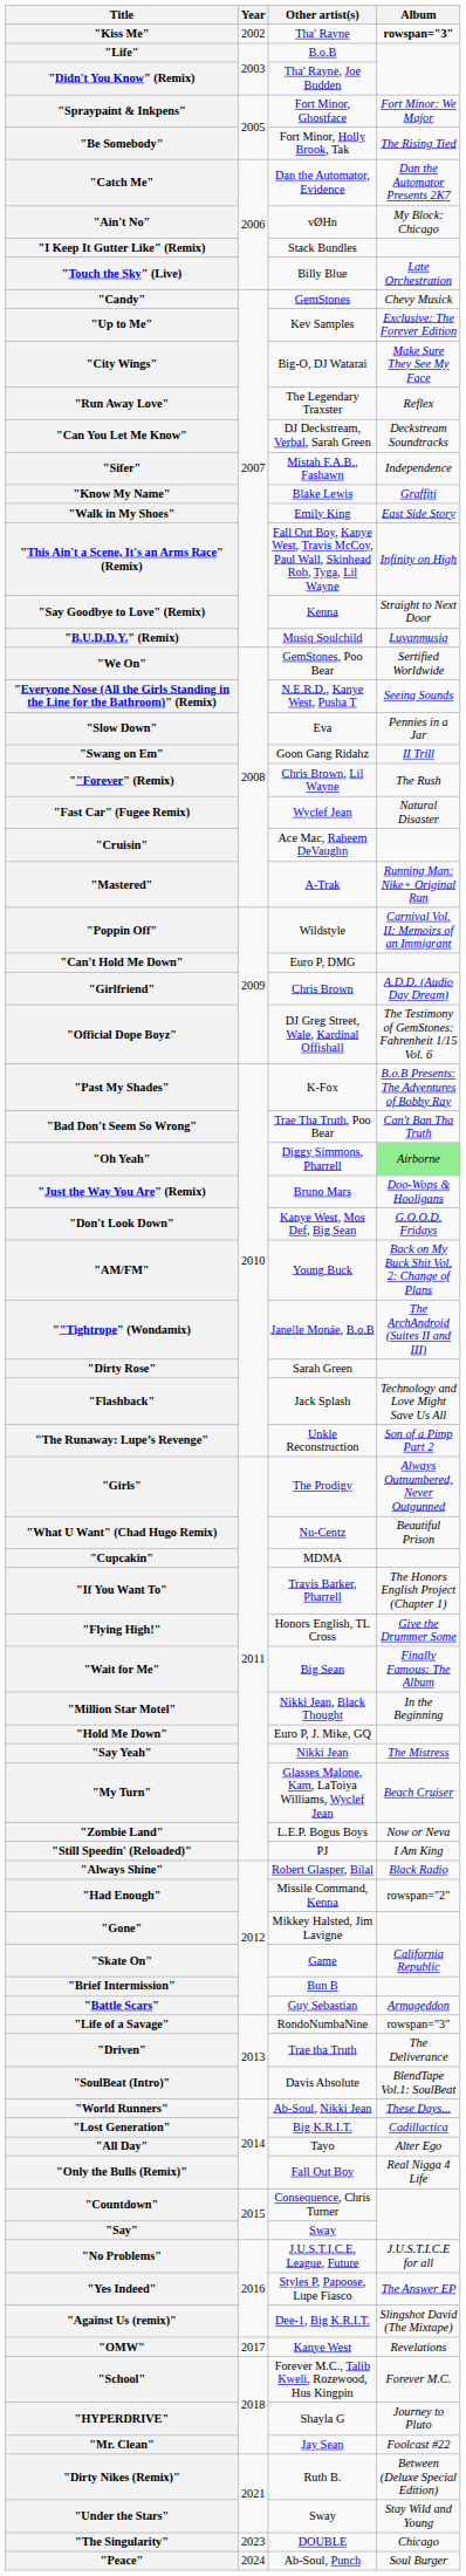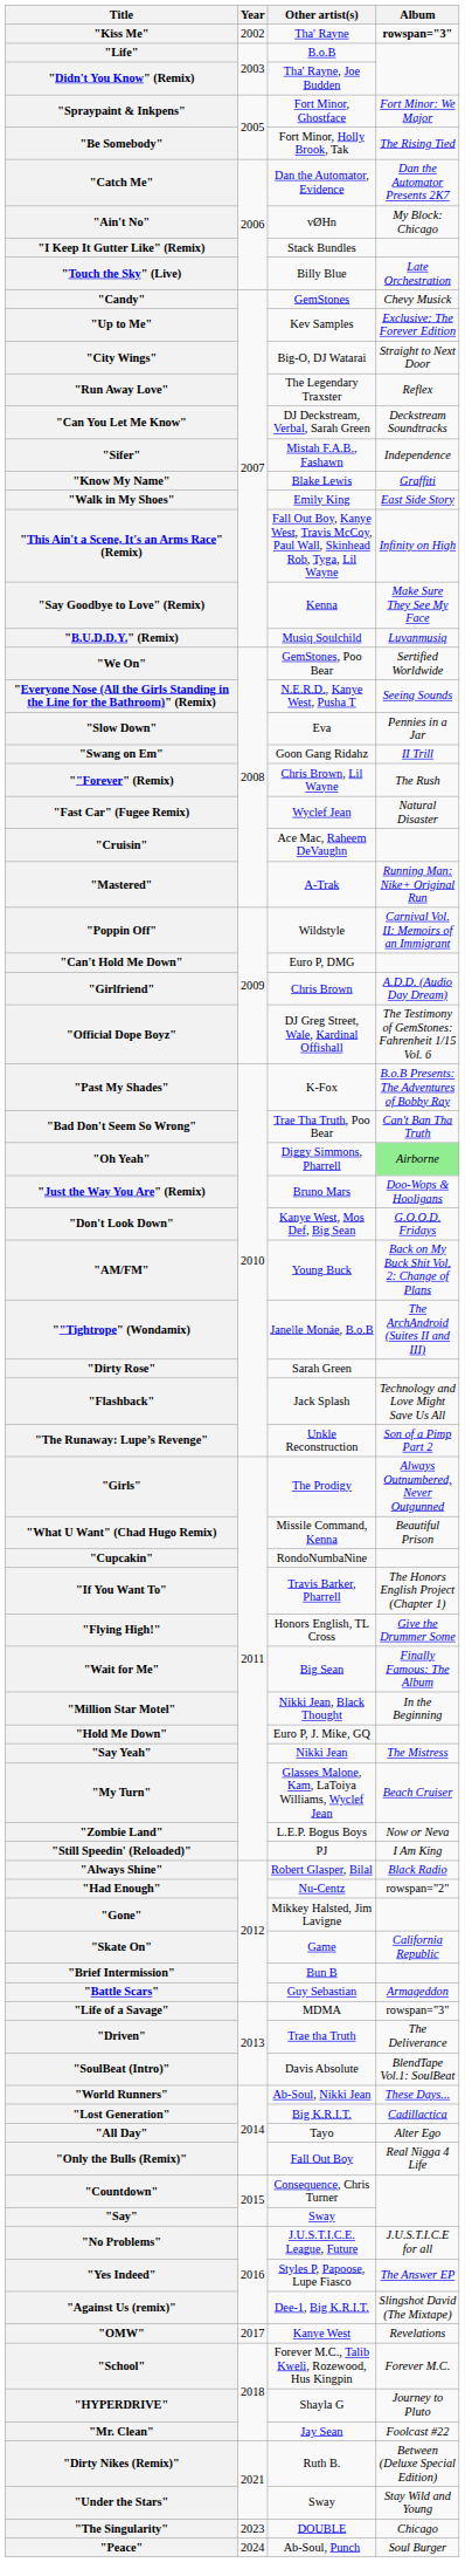 <table class="wikitable plainrowheaders" style="text-align:center;">
 <tr>
 <th scope="col" style="width:19em;">Title</th>
 <th scope="col">Year</th>
 <th scope="col">Other artist(s)</th>
 <th scope="col">Album</th>
 </tr>
 <tr>
 <th scope="row">"Kiss Me"</th>
 <td>2002</td>
 <td><a href='#'>Tha' Rayne</a></td>
 <td><strong>rowspan="3" </strong></td>
 </tr>
 <tr>
 <th scope="row">"Life"</th>
 <td rowspan="2">2003</td>
 <td><a href='#'>B.o.B</a></td>
 </tr>
 <tr>
 <th scope="row">"<a href='#'>Didn't You Know</a>" (Remix)</th>
 <td><a href='#'>Tha' Rayne</a>, <a href='#'>Joe Budden</a></td>
 </tr>
 <tr>
 <th scope="row">"Spraypaint & Inkpens"</th>
 <td rowspan="2">2005</td>
 <td><a href='#'>Fort Minor</a>, <a href='#'>Ghostface</a></td>
 <td><em><a href='#'>Fort Minor: We Major</a></em></td>
 </tr>
 <tr>
 <th scope="row">"Be Somebody"</th>
 <td>Fort Minor, <a href='#'>Holly Brook</a>, Tak</td>
 <td><em><a href='#'>The Rising Tied</a></em></td>
 </tr>
 <tr>
 <th scope="row">"Catch Me"</th>
 <td rowspan="4">2006</td>
 <td><a href='#'>Dan the Automator</a>, <a href='#'>Evidence</a></td>
 <td><em><a href='#'>Dan the Automator Presents 2K7</a></em></td>
 </tr>
 <tr>
 <th scope="row">"Ain't No"</th>
 <td>vØHn</td>
 <td><em>My Block: Chicago</em></td>
 </tr>
 <tr>
 <th scope="row">"I Keep It Gutter Like" (Remix)</th>
 <td>Stack Bundles</td>
 <td></td>
 </tr>
 <tr>
 <th scope="row">"<a href='#'>Touch the Sky</a>" (Live)</th>
 <td>Billy Blue</td>
 <td><em><a href='#'>Late Orchestration</a></em></td>
 </tr>
 <tr>
 <th scope="row">"Candy"</th>
 <td rowspan="11">2007</td>
 <td><a href='#'>GemStones</a></td>
 <td><em>Chevy Musick</em></td>
 </tr>
 <tr>
 <th scope="row">"Up to Me"</th>
 <td>Kev Samples</td>
 <td><em><a href='#'>Exclusive: The Forever Edition</a></em></td>
 </tr>
 <tr>
 <th scope="row">"City Wings"</th>
 <td>Big-O, DJ Watarai</td>
-<td><em><a href='#'>Make Sure They See My Face</a></em></td>
+<td><em>Straight to Next Door</em></td>
 </tr>
 <tr>
 <th scope="row">"Run Away Love"</th>
 <td>The Legendary Traxster</td>
 <td><em>Reflex</em></td>
 </tr>
 <tr>
 <th scope="row">"Can You Let Me Know"</th>
 <td>DJ Deckstream, <a href='#'>Verbal</a>, Sarah Green</td>
 <td><em>Deckstream Soundtracks</em></td>
 </tr>
 <tr>
 <th scope="row">"Sifer"</th>
 <td><a href='#'>Mistah F.A.B.</a>, <a href='#'>Fashawn</a></td>
 <td><em>Independence</em></td>
 </tr>
 <tr>
 <th scope="row">"Know My Name"</th>
 <td><a href='#'>Blake Lewis</a></td>
 <td><em><a href='#'>Graffiti</a></em></td>
 </tr>
 <tr>
 <th scope="row">"Walk in My Shoes"</th>
 <td><a href='#'>Emily King</a></td>
 <td><em><a href='#'>East Side Story</a></em></td>
 </tr>
 <tr>
 <th scope="row">"<a href='#'>This Ain't a Scene, It's an Arms Race</a>" (Remix)</th>
 <td><a href='#'>Fall Out Boy</a>, <a href='#'>Kanye West</a>, <a href='#'>Travis McCoy</a>, <a href='#'>Paul Wall</a>, <a href='#'>Skinhead Rob</a>, <a href='#'>Tyga</a>, <a href='#'>Lil Wayne</a></td>
 <td><em><a href='#'>Infinity on High</a></em></td>
 </tr>
 <tr>
 <th scope="row">"Say Goodbye to Love" (Remix)</th>
 <td><a href='#'>Kenna</a></td>
-<td><em>Straight to Next Door</em></td>
+<td><em><a href='#'>Make Sure They See My Face</a></em></td>
 </tr>
 <tr>
 <th scope="row">"<a href='#'>B.U.D.D.Y.</a>" (Remix)</th>
 <td><a href='#'>Musiq Soulchild</a></td>
 <td><em><a href='#'>Luvanmusiq</a></em></td>
 </tr>
 <tr>
 <th scope="row">"We On"</th>
 <td rowspan="8">2008</td>
 <td><a href='#'>GemStones</a>, Poo Bear</td>
 <td><em>Sertified Worldwide</em></td>
 </tr>
 <tr>
 <th scope="row">"<a href='#'>Everyone Nose (All the Girls Standing in the Line for the Bathroom)</a>" (Remix)</th>
 <td><a href='#'>N.E.R.D.</a>, <a href='#'>Kanye West</a>, <a href='#'>Pusha T</a></td>
 <td><em><a href='#'>Seeing Sounds</a></em></td>
 </tr>
 <tr>
 <th scope="row">"Slow Down"</th>
 <td>Eva</td>
 <td><em>Pennies in a Jar</em></td>
 </tr>
 <tr>
 <th scope="row">"Swang on Em"</th>
 <td>Goon Gang Ridahz</td>
 <td><em><a href='#'>II Trill</a></em></td>
 </tr>
 <tr>
 <th scope="row">"<a href='#'>"Forever</a>" (Remix)</th>
 <td><a href='#'>Chris Brown</a>, <a href='#'>Lil Wayne</a></td>
 <td><em>The Rush</em></td>
 </tr>
 <tr>
 <th scope="row">"Fast Car" (Fugee Remix)</th>
 <td><a href='#'>Wyclef Jean</a></td>
 <td><em>Natural Disaster</em></td>
 </tr>
 <tr>
 <th scope="row">"Cruisin"</th>
 <td>Ace Mac, <a href='#'>Raheem DeVaughn</a></td>
 <td></td>
 </tr>
 <tr>
 <th scope="row">"Mastered"</th>
 <td><a href='#'>A-Trak</a></td>
 <td><em><a href='#'>Running Man: Nike+ Original Run</a></em></td>
 </tr>
 <tr>
 <th scope="row">"Poppin Off"</th>
 <td rowspan="4">2009</td>
 <td>Wildstyle</td>
 <td><em><a href='#'>Carnival Vol. II: Memoirs of an Immigrant</a></em></td>
 </tr>
 <tr>
 <th scope="row">"Can't Hold Me Down"</th>
 <td>Euro P, DMG</td>
 <td></td>
 </tr>
 <tr>
 <th scope="row">"Girlfriend"</th>
 <td><a href='#'>Chris Brown</a></td>
 <td><em><a href='#'>A.D.D. (Audio Day Dream)</a></em></td>
 </tr>
 <tr>
 <th scope="row">"Official Dope Boyz"</th>
 <td>DJ Greg Street, <a href='#'>Wale</a>, <a href='#'>Kardinal Offishall</a></td>
 <td><em>The Testimony of GemStones: Fahrenheit 1/15 Vol. 6</em></td>
 </tr>
 <tr>
 <th scope="row">"Past My Shades"</th>
 <td rowspan="10">2010</td>
 <td>K-Fox</td>
 <td><em><a href='#'>B.o.B Presents: The Adventures of Bobby Ray</a></em></td>
 </tr>
 <tr>
 <th scope="row">"Bad Don't Seem So Wrong"</th>
 <td><a href='#'>Trae Tha Truth</a>, Poo Bear</td>
 <td><em><a href='#'>Can't Ban Tha Truth</a></em></td>
 </tr>
 <tr>
 <th scope="row">"Oh Yeah"</th>
 <td><a href='#'>Diggy Simmons</a>, <a href='#'>Pharrell</a></td>
 <td style="background: lightgreen;"><em>Airborne</em></td>
 </tr>
 <tr>
 <th scope="row">"<a href='#'>Just the Way You Are</a>" (Remix)</th>
 <td><a href='#'>Bruno Mars</a></td>
 <td><em><a href='#'>Doo-Wops & Hooligans</a></em></td>
 </tr>
 <tr>
 <th scope="row">"Don't Look Down"</th>
 <td><a href='#'>Kanye West</a>, <a href='#'>Mos Def</a>, <a href='#'>Big Sean</a></td>
 <td><em><a href='#'>G.O.O.D. Fridays</a></em></td>
 </tr>
 <tr>
 <th scope="row">"AM/FM"</th>
 <td><a href='#'>Young Buck</a></td>
 <td><em><a href='#'>Back on My Buck Shit Vol. 2: Change of Plans</a></em></td>
 </tr>
 <tr>
 <th scope="row">"<a href='#'>"Tightrope</a>" (Wondamix)</th>
 <td><a href='#'>Janelle Monáe</a>, <a href='#'>B.o.B</a></td>
 <td><em><a href='#'>The ArchAndroid (Suites II and III)</a></em></td>
 </tr>
 <tr>
 <th scope="row">"Dirty Rose"</th>
 <td>Sarah Green</td>
 <td></td>
 </tr>
 <tr>
 <th scope="row">"Flashback"</th>
 <td>Jack Splash</td>
 <td><em>Technology and Love Might Save Us All</em></td>
 </tr>
 <tr>
 <th scope="row">"The Runaway: Lupe’s Revenge"</th>
 <td><a href='#'>Unkle</a> Reconstruction</td>
 <td><em><a href='#'>Son of a Pimp Part 2</a></em></td>
 </tr>
 <tr>
 <th scope="row">"Girls"</th>
 <td rowspan="12">2011</td>
 <td><a href='#'>The Prodigy</a></td>
 <td><em><a href='#'>Always Outnumbered, Never Outgunned</a></em></td>
 </tr>
 <tr>
 <th scope="row">"What U Want" (Chad Hugo Remix)</th>
-<td><a href='#'>Nu-Centz</a></td>
+<td>Missile Command, <a href='#'>Kenna</a></td>
 <td><em>Beautiful Prison</em></td>
 </tr>
 <tr>
 <th scope="row">"Cupcakin"</th>
-<td>MDMA</td>
+<td>RondoNumbaNine</td>
 <td></td>
 </tr>
 <tr>
 <th scope="row">"If You Want To"</th>
 <td><a href='#'>Travis Barker</a>, <a href='#'>Pharrell</a></td>
 <td><em>The Honors English Project (Chapter 1)</em></td>
 </tr>
 <tr>
 <th scope="row">"Flying High!"</th>
 <td>Honors English, TL Cross</td>
 <td><em><a href='#'>Give the Drummer Some</a></em></td>
 </tr>
 <tr>
 <th scope="row">"Wait for Me"</th>
 <td><a href='#'>Big Sean</a></td>
 <td><em><a href='#'>Finally Famous: The Album</a></em></td>
 </tr>
 <tr>
 <th scope="row">"Million Star Motel"</th>
 <td><a href='#'>Nikki Jean</a>, <a href='#'>Black Thought</a></td>
 <td><em>In the Beginning</em></td>
 </tr>
 <tr>
 <th scope="row">"Hold Me Down"</th>
 <td>Euro P, J. Mike, GQ</td>
 <td></td>
 </tr>
 <tr>
 <th scope="row">"Say Yeah"</th>
 <td><a href='#'>Nikki Jean</a></td>
 <td><em><a href='#'>The Mistress</a></em></td>
 </tr>
 <tr>
 <th scope="row">"My Turn"</th>
 <td><a href='#'>Glasses Malone</a>, <a href='#'>Kam</a>, LaToiya Williams, <a href='#'>Wyclef Jean</a></td>
 <td><em><a href='#'>Beach Cruiser</a></em></td>
 </tr>
 <tr>
 <th scope="row">"Zombie Land"</th>
 <td>L.E.P. Bogus Boys</td>
 <td><em>Now or Neva</em></td>
 </tr>
 <tr>
 <th scope="row">"Still Speedin' (Reloaded)"</th>
 <td>PJ</td>
 <td><em>I Am King</em></td>
 </tr>
 <tr>
 <th scope="row">"Always Shine"</th>
 <td rowspan="6">2012</td>
 <td><a href='#'>Robert Glasper</a>, <a href='#'>Bilal</a></td>
 <td><em><a href='#'>Black Radio</a></em></td>
 </tr>
 <tr>
 <th scope="row">"Had Enough"</th>
-<td>Missile Command, <a href='#'>Kenna</a></td>
+<td><a href='#'>Nu-Centz</a></td>
 <td>rowspan="2" </td>
 </tr>
 <tr>
 <th scope="row">"Gone"</th>
 <td>Mikkey Halsted, Jim Lavigne</td>
 </tr>
 <tr>
 <th scope="row">"Skate On"</th>
 <td><a href='#'>Game</a></td>
 <td><em><a href='#'>California Republic</a></em></td>
 </tr>
 <tr>
 <th scope="row">"Brief Intermission"</th>
 <td><a href='#'>Bun B</a></td>
 <td></td>
 </tr>
 <tr>
 <th scope="row">"<a href='#'>Battle Scars</a>"</th>
 <td><a href='#'>Guy Sebastian</a></td>
 <td><em><a href='#'>Armageddon</a></em></td>
 </tr>
 <tr>
 <th scope="row">"Life of a Savage"</th>
 <td rowspan="3">2013</td>
-<td>RondoNumbaNine</td>
+<td>MDMA</td>
 <td>rowspan="3" </td>
 </tr>
 <tr>
 <th scope="row">"Driven"</th>
 <td><a href='#'>Trae tha Truth</a></td>
 <td><em>The Deliverance</em></td>
 </tr>
 <tr>
 <th scope="row">"SoulBeat (Intro)"</th>
 <td>Davis Absolute</td>
 <td><em>BlendTape Vol.1: SoulBeat</em></td>
 </tr>
 <tr>
 <th scope="row">"World Runners"</th>
 <td rowspan="4">2014</td>
 <td><a href='#'>Ab-Soul</a>, <a href='#'>Nikki Jean</a></td>
 <td><em><a href='#'>These Days...</a></em></td>
 </tr>
 <tr>
 <th scope="row">"Lost Generation"</th>
 <td><a href='#'>Big K.R.I.T.</a></td>
 <td><em><a href='#'>Cadillactica</a></em></td>
 </tr>
 <tr>
 <th scope="row">"All Day"</th>
 <td>Tayo</td>
 <td><em>Alter Ego</em></td>
 </tr>
 <tr>
 <th scope="row">"Only the Bulls (Remix)"</th>
 <td><a href='#'>Fall Out Boy</a></td>
 <td><em>Real Nigga 4 Life</em></td>
 </tr>
 <tr>
 <th scope="row">"Countdown"</th>
 <td rowspan="2">2015</td>
 <td><a href='#'>Consequence</a>, Chris Turner</td>
 </tr>
 <tr>
 <th scope="row">"Say"</th>
 <td><a href='#'>Sway</a></td>
 </tr>
 <tr>
 <th scope="row">"No Problems"</th>
 <td rowspan="3">2016</td>
 <td><a href='#'>J.U.S.T.I.C.E. League</a>, <a href='#'>Future</a></td>
 <td><em>J.U.S.T.I.C.E for all</em></td>
 </tr>
 <tr>
 <th scope="row">"Yes Indeed"</th>
 <td><a href='#'>Styles P</a>, <a href='#'>Papoose</a>, Lupe Fiasco</td>
 <td><em><a href='#'>The Answer EP</a></em></td>
 </tr>
 <tr>
 <th scope="row">"Against Us (remix)"</th>
 <td><a href='#'>Dee-1</a>, <a href='#'>Big K.R.I.T.</a></td>
 <td><em>Slingshot David (The Mixtape)</em></td>
 </tr>
 <tr>
 <th scope="row">"OMW"</th>
 <td rowspan="1">2017</td>
 <td><a href='#'>Kanye West</a></td>
 <td><em>Revelations</em></td>
 </tr>
 <tr>
 <th scope="row">"School"</th>
 <td rowspan="3">2018</td>
 <td>Forever M.C., <a href='#'>Talib Kweli</a>, Rozewood, Hus Kingpin</td>
 <td><em>Forever M.C.</em></td>
 </tr>
 <tr>
 <th scope="row">"HYPERDRIVE"</th>
 <td>Shayla G</td>
 <td><em>Journey to Pluto</em></td>
 </tr>
 <tr>
 <th scope="row">"Mr. Clean"</th>
 <td><a href='#'>Jay Sean</a></td>
 <td><em>Foolcast #22</em></td>
 </tr>
 <tr>
 <th scope="row">"Dirty Nikes (Remix)"</th>
 <td rowspan="2">2021</td>
 <td>Ruth B.</td>
 <td><em>Between (Deluxe Special Edition)</em></td>
 </tr>
 <tr>
 <th scope="row">"Under the Stars"</th>
 <td>Sway</td>
 <td><em>Stay Wild and Young</em></td>
 </tr>
 <tr>
 <th scope="row">"The Singularity"</th>
 <td>2023</td>
 <td><a href='#'>DOUBLE</a></td>
 <td><em>Chicago</em></td>
 </tr>
 <tr>
 <th scope="row">"Peace"</th>
 <td>2024</td>
 <td>Ab-Soul, <a href='#'>Punch</a></td>
 <td><em>Soul Burger</em></td>
 </tr>
 </table>
